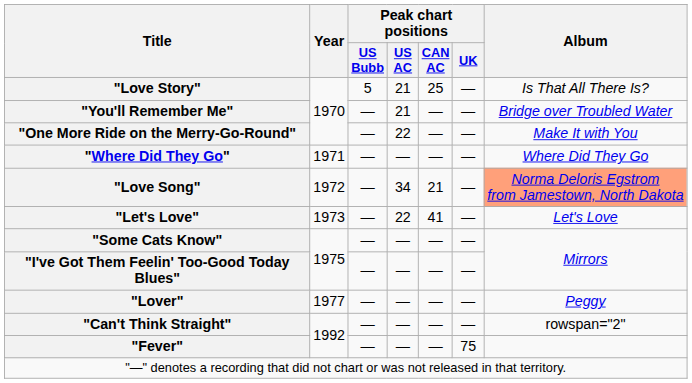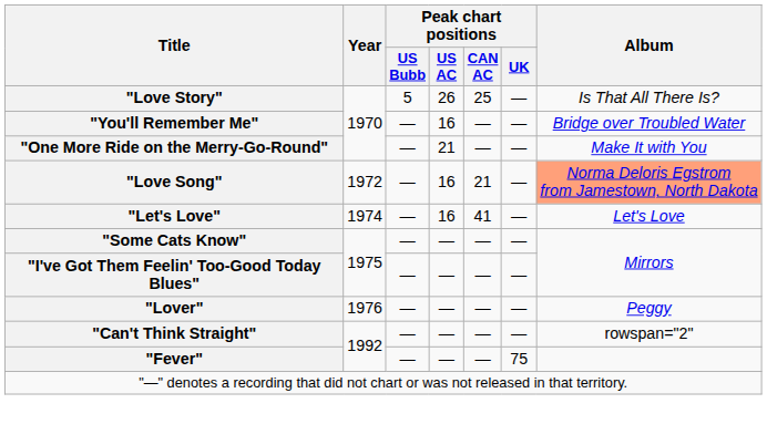 <table class="wikitable plainrowheaders" style="text-align:center;" border="1">
 <tr>
 <th scope="col" rowspan="2" style="width:21em;">Title</th>
 <th scope="col" rowspan="2">Year</th>
 <th scope="col" colspan="4">Peak chart positions</th>
 <th scope="col" rowspan="2">Album</th>
 </tr>
 <tr>
 <th scope="col" style="width:2em;font-size:90%;"><a href='#'>US Bubb</a><br></th>
 <th scope="col" style="width:2em;font-size:90%;"><a href='#'>US AC</a><br></th>
 <th scope="col" style="width:2em;font-size:90%;"><a href='#'>CAN AC</a><br></th>
 <th scope="col" style="width:2em;font-size:90%;"><a href='#'>UK</a><br></th>
 </tr>
 <tr>
 <th scope="row">"Love Story"</th>
 <td rowspan="3">1970</td>
 <td>5</td>
-<td>21</td>
+<td>26</td>
 <td>25</td>
 <td>—</td>
 <td><em>Is That All There Is?</em></td>
 </tr>
 <tr>
 <th scope="row">"You'll Remember Me"</th>
 <td>—</td>
-<td>21</td>
+<td>16</td>
 <td>—</td>
 <td>—</td>
 <td><em><a href='#'>Bridge over Troubled Water</a></em></td>
 </tr>
 <tr>
 <th scope="row">"One More Ride on the Merry-Go-Round"</th>
 <td>—</td>
-<td>22</td>
+<td>21</td>
 <td>—</td>
 <td>—</td>
 <td><em><a href='#'>Make It with You</a></em></td>
 </tr>
 <tr>
-<th scope="row">"<a href='#'>Where Did They Go</a>"</th>
-<td>1971</td>
-<td>—</td>
-<td>—</td>
-<td>—</td>
-<td>—</td>
-<td><em><a href='#'>Where Did They Go</a></em></td>
-</tr>
-<tr>
 <th scope="row">"Love Song"</th>
 <td>1972</td>
 <td>—</td>
-<td>34</td>
+<td>16</td>
 <td>21</td>
 <td>—</td>
 <td style="background: lightsalmon;"><em><a href='#'>Norma Deloris Egstrom<br>from Jamestown, North Dakota</a></em></td>
 </tr>
 <tr>
 <th scope="row">"Let's Love"</th>
-<td>1973</td>
+<td>1974</td>
 <td>—</td>
-<td>22</td>
+<td>16</td>
 <td>41</td>
 <td>—</td>
 <td><em><a href='#'>Let's Love</a></em></td>
 </tr>
 <tr>
 <th scope="row">"Some Cats Know"</th>
 <td rowspan="2">1975</td>
 <td>—</td>
 <td>—</td>
 <td>—</td>
 <td>—</td>
 <td rowspan="2"><em><a href='#'>Mirrors</a></em></td>
 </tr>
 <tr>
 <th scope="row">"I've Got Them Feelin' Too-Good Today Blues"</th>
 <td>—</td>
 <td>—</td>
 <td>—</td>
 <td>—</td>
 </tr>
 <tr>
 <th scope="row">"Lover" </th>
-<td>1977</td>
+<td>1976</td>
 <td>—</td>
 <td>—</td>
 <td>—</td>
 <td>—</td>
 <td><em><a href='#'>Peggy</a></em></td>
 </tr>
 <tr>
 <th scope="row">"Can't Think Straight" </th>
 <td rowspan="2">1992</td>
 <td>—</td>
 <td>—</td>
 <td>—</td>
 <td>—</td>
 <td>rowspan="2" </td>
 </tr>
 <tr>
 <th scope="row">"Fever" </th>
 <td>—</td>
 <td>—</td>
 <td>—</td>
 <td>75</td>
 </tr>
 <tr>
 <td colspan="7" style="font-size:90%">"—" denotes a recording that did not chart or was not released in that territory.</td>
 </tr>
 </table>
